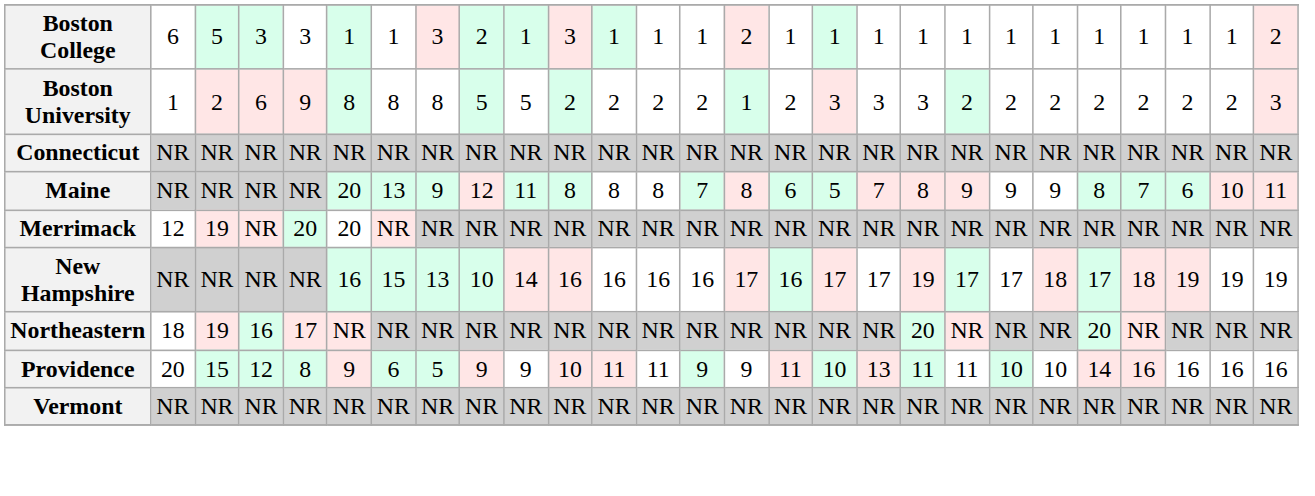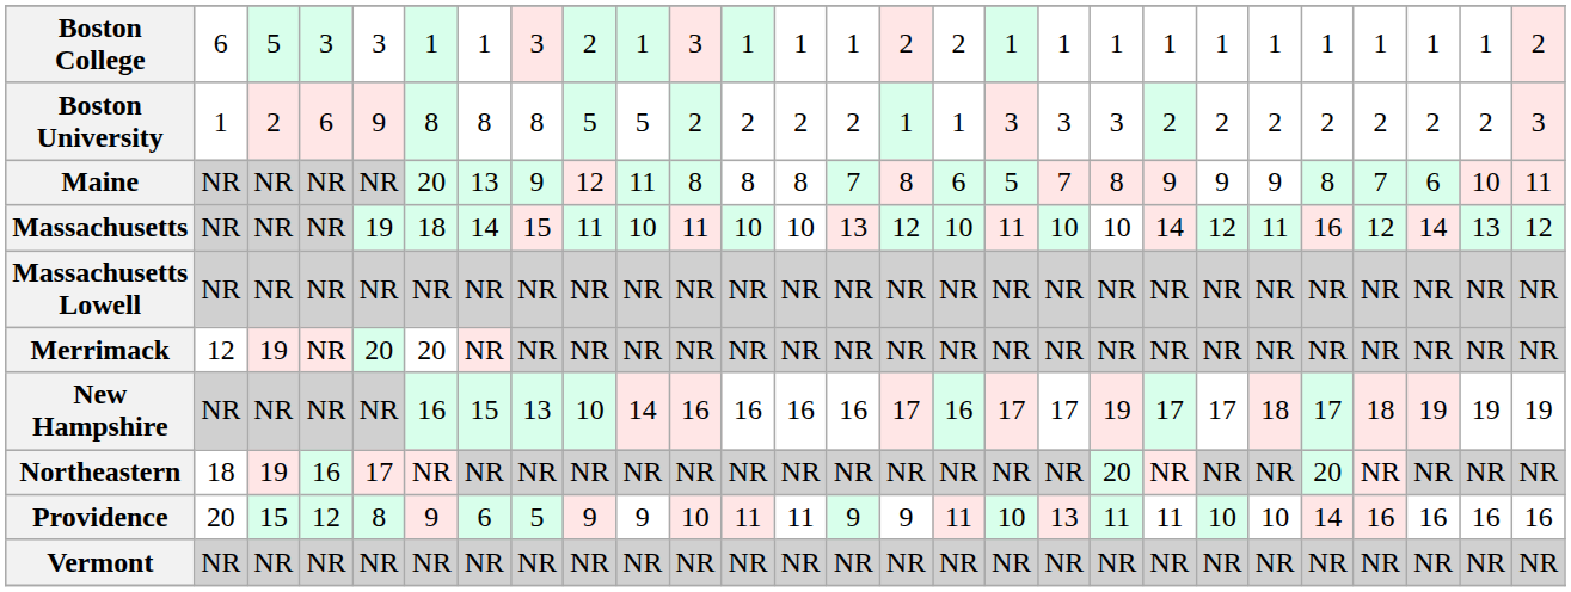 <table class="wikitable sortable" style="text-align: center;">
 <tr>
 </tr>
 <tr bgcolor=d0d0d0>
 <th>Boston College</th>
 <td bgcolor=ffffff>6</td>
 <td bgcolor=D8FFEB>5</td>
 <td bgcolor=D8FFEB>3</td>
 <td bgcolor=ffffff>3</td>
 <td bgcolor=D8FFEB>1</td>
 <td bgcolor=ffffff>1</td>
 <td bgcolor=FFE6E6>3</td>
 <td bgcolor=D8FFEB>2</td>
 <td bgcolor=D8FFEB>1</td>
 <td bgcolor=FFE6E6>3</td>
 <td bgcolor=D8FFEB>1</td>
 <td bgcolor=ffffff>1</td>
 <td bgcolor=ffffff>1</td>
 <td bgcolor=FFE6E6>2</td>
-<td bgcolor=ffffff>1</td>
+<td bgcolor=ffffff>2</td>
 <td bgcolor=D8FFEB>1</td>
 <td bgcolor=ffffff>1</td>
 <td bgcolor=ffffff>1</td>
 <td bgcolor=ffffff>1</td>
 <td bgcolor=ffffff>1</td>
 <td bgcolor=ffffff>1</td>
 <td bgcolor=ffffff>1</td>
 <td bgcolor=ffffff>1</td>
 <td bgcolor=ffffff>1</td>
 <td bgcolor=ffffff>1</td>
 <td bgcolor=FFE6E6>2</td>
 </tr>
 <tr bgcolor=d0d0d0>
 <th>Boston University</th>
 <td bgcolor=ffffff>1</td>
 <td bgcolor=FFE6E6>2</td>
 <td bgcolor=FFE6E6>6</td>
 <td bgcolor=FFE6E6>9</td>
 <td bgcolor=D8FFEB>8</td>
 <td bgcolor=ffffff>8</td>
 <td bgcolor=ffffff>8</td>
 <td bgcolor=D8FFEB>5</td>
 <td bgcolor=ffffff>5</td>
 <td bgcolor=D8FFEB>2</td>
 <td bgcolor=ffffff>2</td>
 <td bgcolor=ffffff>2</td>
 <td bgcolor=ffffff>2</td>
 <td bgcolor=D8FFEB>1</td>
-<td bgcolor=ffffff>2</td>
+<td bgcolor=ffffff>1</td>
 <td bgcolor=FFE6E6>3</td>
 <td bgcolor=ffffff>3</td>
 <td bgcolor=ffffff>3</td>
 <td bgcolor=D8FFEB>2</td>
 <td bgcolor=ffffff>2</td>
 <td bgcolor=ffffff>2</td>
 <td bgcolor=ffffff>2</td>
 <td bgcolor=ffffff>2</td>
 <td bgcolor=ffffff>2</td>
 <td bgcolor=ffffff>2</td>
 <td bgcolor=FFE6E6>3</td>
-</tr>
-<tr bgcolor=d0d0d0>
-<th>Connecticut</th>
-<td>NR</td>
-<td>NR</td>
-<td>NR</td>
-<td>NR</td>
-<td>NR</td>
-<td>NR</td>
-<td>NR</td>
-<td>NR</td>
-<td>NR</td>
-<td>NR</td>
-<td>NR</td>
-<td>NR</td>
-<td>NR</td>
-<td>NR</td>
-<td>NR</td>
-<td>NR</td>
-<td>NR</td>
-<td>NR</td>
-<td>NR</td>
-<td>NR</td>
-<td>NR</td>
-<td>NR</td>
-<td>NR</td>
-<td>NR</td>
-<td>NR</td>
-<td>NR</td>
 </tr>
 <tr bgcolor=d0d0d0>
 <th>Maine</th>
 <td>NR</td>
 <td>NR</td>
 <td>NR</td>
 <td>NR</td>
 <td bgcolor=D8FFEB>20</td>
 <td bgcolor=D8FFEB>13</td>
 <td bgcolor=D8FFEB>9</td>
 <td bgcolor=FFE6E6>12</td>
 <td bgcolor=D8FFEB>11</td>
 <td bgcolor=D8FFEB>8</td>
 <td bgcolor=ffffff>8</td>
 <td bgcolor=ffffff>8</td>
 <td bgcolor=D8FFEB>7</td>
 <td bgcolor=FFE6E6>8</td>
 <td bgcolor=D8FFEB>6</td>
 <td bgcolor=D8FFEB>5</td>
 <td bgcolor=FFE6E6>7</td>
 <td bgcolor=FFE6E6>8</td>
 <td bgcolor=FFE6E6>9</td>
 <td bgcolor=ffffff>9</td>
 <td bgcolor=ffffff>9</td>
 <td bgcolor=D8FFEB>8</td>
 <td bgcolor=D8FFEB>7</td>
 <td bgcolor=D8FFEB>6</td>
 <td bgcolor=FFE6E6>10</td>
 <td bgcolor=FFE6E6>11</td>
+</tr>
+<tr bgcolor=d0d0d0>
+<th>Massachusetts</th>
+<td>NR</td>
+<td>NR</td>
+<td>NR</td>
+<td bgcolor=D8FFEB>19</td>
+<td bgcolor=D8FFEB>18</td>
+<td bgcolor=D8FFEB>14</td>
+<td bgcolor=FFE6E6>15</td>
+<td bgcolor=D8FFEB>11</td>
+<td bgcolor=D8FFEB>10</td>
+<td bgcolor=FFE6E6>11</td>
+<td bgcolor=D8FFEB>10</td>
+<td bgcolor=ffffff>10</td>
+<td bgcolor=FFE6E6>13</td>
+<td bgcolor=D8FFEB>12</td>
+<td bgcolor=D8FFEB>10</td>
+<td bgcolor=FFE6E6>11</td>
+<td bgcolor=D8FFEB>10</td>
+<td bgcolor=ffffff>10</td>
+<td bgcolor=FFE6E6>14</td>
+<td bgcolor=D8FFEB>12</td>
+<td bgcolor=D8FFEB>11</td>
+<td bgcolor=FFE6E6>16</td>
+<td bgcolor=D8FFEB>12</td>
+<td bgcolor=FFE6E6>14</td>
+<td bgcolor=D8FFEB>13</td>
+<td bgcolor=D8FFEB>12</td>
+</tr>
+<tr bgcolor=d0d0d0>
+<th>Massachusetts Lowell</th>
+<td>NR</td>
+<td>NR</td>
+<td>NR</td>
+<td>NR</td>
+<td>NR</td>
+<td>NR</td>
+<td>NR</td>
+<td>NR</td>
+<td>NR</td>
+<td>NR</td>
+<td>NR</td>
+<td>NR</td>
+<td>NR</td>
+<td>NR</td>
+<td>NR</td>
+<td>NR</td>
+<td>NR</td>
+<td>NR</td>
+<td>NR</td>
+<td>NR</td>
+<td>NR</td>
+<td>NR</td>
+<td>NR</td>
+<td>NR</td>
+<td>NR</td>
+<td>NR</td>
 </tr>
 <tr bgcolor=d0d0d0>
 <th>Merrimack</th>
 <td bgcolor=ffffff>12</td>
 <td bgcolor=FFE6E6>19</td>
 <td bgcolor=FFE6E6>NR</td>
 <td bgcolor=D8FFEB>20</td>
 <td bgcolor=ffffff>20</td>
 <td bgcolor=FFE6E6>NR</td>
 <td>NR</td>
 <td>NR</td>
 <td>NR</td>
 <td>NR</td>
 <td>NR</td>
 <td>NR</td>
 <td>NR</td>
 <td>NR</td>
 <td>NR</td>
 <td>NR</td>
 <td>NR</td>
 <td>NR</td>
 <td>NR</td>
 <td>NR</td>
 <td>NR</td>
 <td>NR</td>
 <td>NR</td>
 <td>NR</td>
 <td>NR</td>
 <td>NR</td>
 </tr>
 <tr bgcolor=d0d0d0>
 <th>New Hampshire</th>
 <td>NR</td>
 <td>NR</td>
 <td>NR</td>
 <td>NR</td>
 <td bgcolor=D8FFEB>16</td>
 <td bgcolor=D8FFEB>15</td>
 <td bgcolor=D8FFEB>13</td>
 <td bgcolor=D8FFEB>10</td>
 <td bgcolor=FFE6E6>14</td>
 <td bgcolor=FFE6E6>16</td>
 <td bgcolor=ffffff>16</td>
 <td bgcolor=ffffff>16</td>
 <td bgcolor=ffffff>16</td>
 <td bgcolor=FFE6E6>17</td>
 <td bgcolor=D8FFEB>16</td>
 <td bgcolor=FFE6E6>17</td>
 <td bgcolor=ffffff>17</td>
 <td bgcolor=FFE6E6>19</td>
 <td bgcolor=D8FFEB>17</td>
 <td bgcolor=ffffff>17</td>
 <td bgcolor=FFE6E6>18</td>
 <td bgcolor=D8FFEB>17</td>
 <td bgcolor=FFE6E6>18</td>
 <td bgcolor=FFE6E6>19</td>
 <td bgcolor=ffffff>19</td>
 <td bgcolor=ffffff>19</td>
 </tr>
 <tr bgcolor=d0d0d0>
 <th>Northeastern</th>
 <td bgcolor=ffffff>18</td>
 <td bgcolor=FFE6E6>19</td>
 <td bgcolor=D8FFEB>16</td>
 <td bgcolor=FFE6E6>17</td>
 <td bgcolor=FFE6E6>NR</td>
 <td>NR</td>
 <td>NR</td>
 <td>NR</td>
 <td>NR</td>
 <td>NR</td>
 <td>NR</td>
 <td>NR</td>
 <td>NR</td>
 <td>NR</td>
 <td>NR</td>
 <td>NR</td>
 <td>NR</td>
 <td bgcolor=D8FFEB>20</td>
 <td bgcolor=FFE6E6>NR</td>
 <td>NR</td>
 <td>NR</td>
 <td bgcolor=D8FFEB>20</td>
 <td bgcolor=FFE6E6>NR</td>
 <td>NR</td>
 <td>NR</td>
 <td>NR</td>
 </tr>
 <tr bgcolor=d0d0d0>
 <th>Providence</th>
 <td bgcolor=ffffff>20</td>
 <td bgcolor=D8FFEB>15</td>
 <td bgcolor=D8FFEB>12</td>
 <td bgcolor=D8FFEB>8</td>
 <td bgcolor=FFE6E6>9</td>
 <td bgcolor=D8FFEB>6</td>
 <td bgcolor=D8FFEB>5</td>
 <td bgcolor=FFE6E6>9</td>
 <td bgcolor=ffffff>9</td>
 <td bgcolor=FFE6E6>10</td>
 <td bgcolor=FFE6E6>11</td>
 <td bgcolor=ffffff>11</td>
 <td bgcolor=D8FFEB>9</td>
 <td bgcolor=ffffff>9</td>
 <td bgcolor=FFE6E6>11</td>
 <td bgcolor=D8FFEB>10</td>
 <td bgcolor=FFE6E6>13</td>
 <td bgcolor=D8FFEB>11</td>
 <td bgcolor=ffffff>11</td>
 <td bgcolor=D8FFEB>10</td>
 <td bgcolor=ffffff>10</td>
 <td bgcolor=FFE6E6>14</td>
 <td bgcolor=FFE6E6>16</td>
 <td bgcolor=ffffff>16</td>
 <td bgcolor=ffffff>16</td>
 <td bgcolor=ffffff>16</td>
 </tr>
 <tr bgcolor=d0d0d0>
 <th>Vermont</th>
 <td>NR</td>
 <td>NR</td>
 <td>NR</td>
 <td>NR</td>
 <td>NR</td>
 <td>NR</td>
 <td>NR</td>
 <td>NR</td>
 <td>NR</td>
 <td>NR</td>
 <td>NR</td>
 <td>NR</td>
 <td>NR</td>
 <td>NR</td>
 <td>NR</td>
 <td>NR</td>
 <td>NR</td>
 <td>NR</td>
 <td>NR</td>
 <td>NR</td>
 <td>NR</td>
 <td>NR</td>
 <td>NR</td>
 <td>NR</td>
 <td>NR</td>
 <td>NR</td>
 </tr>
 <tr>
 </tr>
 </table>
